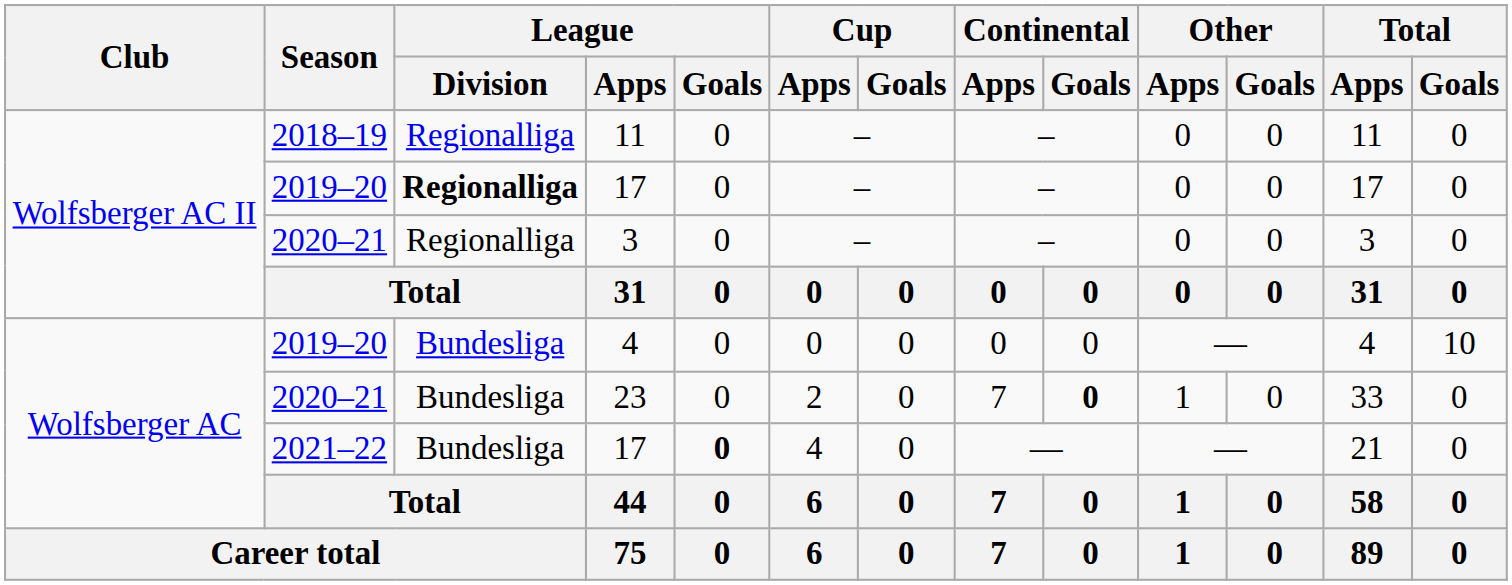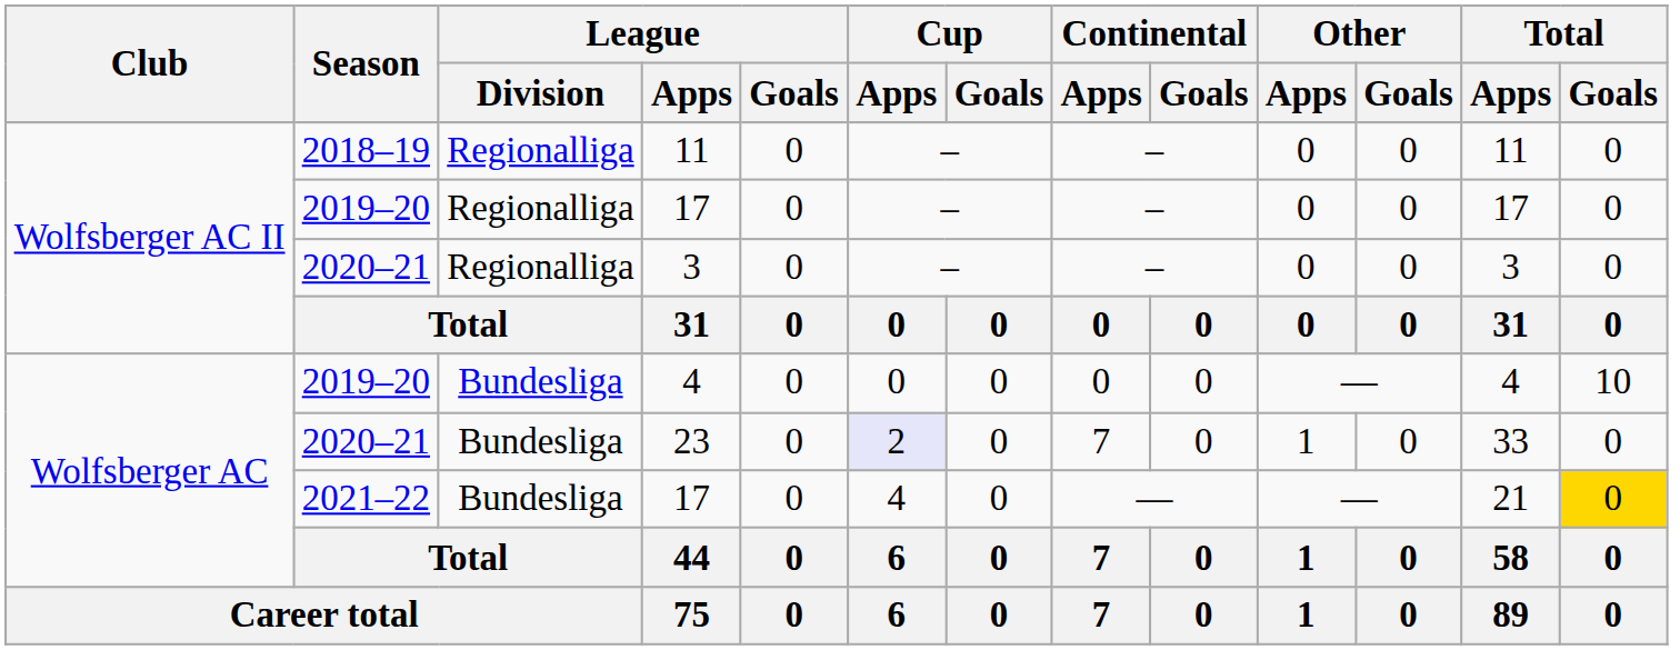 <table class="wikitable" style="text-align: center">
 <tr>
 <th rowspan="2">Club</th>
 <th rowspan="2">Season</th>
 <th colspan="3">League</th>
 <th colspan="2">Cup</th>
 <th colspan="2">Continental</th>
 <th colspan="2">Other</th>
 <th colspan="2">Total</th>
 </tr>
 <tr>
 <th>Division</th>
 <th>Apps</th>
 <th>Goals</th>
 <th>Apps</th>
 <th>Goals</th>
 <th>Apps</th>
 <th>Goals</th>
 <th>Apps</th>
 <th>Goals</th>
 <th>Apps</th>
 <th>Goals</th>
 </tr>
 <tr>
 <td rowspan="4"><a href='#'>Wolfsberger AC II</a></td>
 <td><a href='#'>2018–19</a></td>
 <td><a href='#'>Regionalliga</a></td>
 <td>11</td>
 <td>0</td>
 <td colspan="2">–</td>
 <td colspan="2">–</td>
 <td>0</td>
 <td>0</td>
 <td>11</td>
 <td>0</td>
 </tr>
 <tr>
 <td><a href='#'>2019–20</a></td>
-<td><strong>Regionalliga</strong></td>
+<td>Regionalliga</td>
 <td>17</td>
 <td>0</td>
 <td colspan="2">–</td>
 <td colspan="2">–</td>
 <td>0</td>
 <td>0</td>
 <td>17</td>
 <td>0</td>
 </tr>
 <tr>
 <td><a href='#'>2020–21</a></td>
 <td>Regionalliga</td>
 <td>3</td>
 <td>0</td>
 <td colspan="2">–</td>
 <td colspan="2">–</td>
 <td>0</td>
 <td>0</td>
 <td>3</td>
 <td>0</td>
 </tr>
 <tr>
 <th colspan="2">Total</th>
 <th>31</th>
 <th>0</th>
 <th>0</th>
 <th>0</th>
 <th>0</th>
 <th>0</th>
 <th>0</th>
 <th>0</th>
 <th>31</th>
 <th>0</th>
 </tr>
 <tr>
 <td rowspan="4"><a href='#'>Wolfsberger AC</a></td>
 <td><a href='#'>2019–20</a></td>
 <td><a href='#'>Bundesliga</a></td>
 <td>4</td>
 <td>0</td>
 <td>0</td>
 <td>0</td>
 <td>0</td>
 <td>0</td>
 <td colspan="2">—</td>
 <td>4</td>
 <td>10</td>
 </tr>
 <tr>
 <td><a href='#'>2020–21</a></td>
 <td>Bundesliga</td>
 <td>23</td>
 <td>0</td>
-<td>2</td>
+<td style="background: lavender;">2</td>
 <td>0</td>
 <td>7</td>
-<td><strong>0</strong></td>
+<td>0</td>
 <td>1</td>
 <td>0</td>
 <td>33</td>
 <td>0</td>
 </tr>
 <tr>
 <td><a href='#'>2021–22</a></td>
 <td>Bundesliga</td>
 <td>17</td>
-<td><strong>0</strong></td>
+<td>0</td>
 <td>4</td>
 <td>0</td>
 <td colspan="2">—</td>
 <td colspan="2">—</td>
 <td>21</td>
-<td>0</td>
+<td style="background: gold;">0</td>
 </tr>
 <tr>
 <th colspan="2">Total</th>
 <th>44</th>
 <th>0</th>
 <th>6</th>
 <th>0</th>
 <th>7</th>
 <th>0</th>
 <th>1</th>
 <th>0</th>
 <th>58</th>
 <th>0</th>
 </tr>
 <tr>
 <th colspan="3">Career total</th>
 <th>75</th>
 <th>0</th>
 <th>6</th>
 <th>0</th>
 <th>7</th>
 <th>0</th>
 <th>1</th>
 <th>0</th>
 <th>89</th>
 <th>0</th>
 </tr>
 </table>
